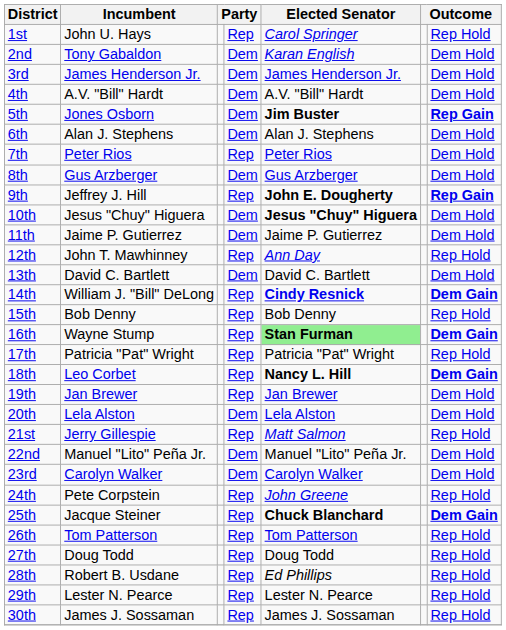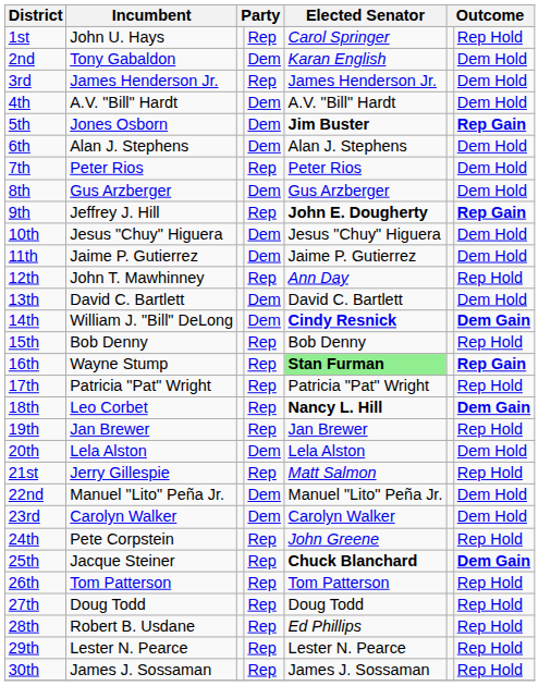 <table class="sortable wikitable" style="font-size:95%;line-height:14px;">
 <tr>
 <th>District</th>
 <th>Incumbent</th>
 <th colspan="2">Party</th>
 <th>Elected Senator</th>
 <th colspan="2">Outcome</th>
 </tr>
 <tr>
 <td><a href='#'>1st</a></td>
 <td>John U. Hays</td>
 <td style="background:"></td>
 <td><a href='#'>Rep</a></td>
 <td><em><a href='#'>Carol Springer</a></em></td>
 <td style="background:"></td>
 <td><a href='#'>Rep Hold</a></td>
 </tr>
 <tr>
 <td><a href='#'>2nd</a></td>
 <td><a href='#'>Tony Gabaldon</a></td>
 <td style="background:"></td>
 <td><a href='#'>Dem</a></td>
 <td><em><a href='#'>Karan English</a></em></td>
 <td style="background:"></td>
 <td><a href='#'>Dem Hold</a></td>
 </tr>
 <tr>
 <td><a href='#'>3rd</a></td>
 <td><a href='#'>James Henderson Jr.</a></td>
 <td style="background:"></td>
-<td><a href='#'>Dem</a></td>
+<td><a href='#'>Rep</a></td>
 <td><a href='#'>James Henderson Jr.</a></td>
 <td style="background:"></td>
 <td><a href='#'>Dem Hold</a></td>
 </tr>
 <tr>
 <td><a href='#'>4th</a></td>
 <td>A.V. "Bill" Hardt</td>
 <td style="background:"></td>
 <td><a href='#'>Dem</a></td>
 <td>A.V. "Bill" Hardt</td>
 <td style="background:"></td>
 <td><a href='#'>Dem Hold</a></td>
 </tr>
 <tr>
 <td><a href='#'>5th</a></td>
 <td><a href='#'>Jones Osborn</a></td>
 <td style="background:"></td>
 <td><a href='#'>Dem</a></td>
 <td><strong>Jim Buster</strong></td>
 <td style="background:"></td>
 <td><strong><a href='#'>Rep Gain</a></strong></td>
 </tr>
 <tr>
 <td><a href='#'>6th</a></td>
 <td>Alan J. Stephens</td>
 <td style="background:"></td>
 <td><a href='#'>Dem</a></td>
 <td>Alan J. Stephens</td>
 <td style="background:"></td>
 <td><a href='#'>Dem Hold</a></td>
 </tr>
 <tr>
 <td><a href='#'>7th</a></td>
 <td><a href='#'>Peter Rios</a></td>
 <td style="background:"></td>
 <td><a href='#'>Rep</a></td>
 <td><a href='#'>Peter Rios</a></td>
 <td style="background:"></td>
 <td><a href='#'>Dem Hold</a></td>
 </tr>
 <tr>
 <td><a href='#'>8th</a></td>
 <td><a href='#'>Gus Arzberger</a></td>
 <td style="background:"></td>
 <td><a href='#'>Dem</a></td>
 <td><a href='#'>Gus Arzberger</a></td>
 <td style="background:"></td>
 <td><a href='#'>Dem Hold</a></td>
 </tr>
 <tr>
 <td><a href='#'>9th</a></td>
 <td>Jeffrey J. Hill</td>
 <td style="background:"></td>
 <td><a href='#'>Rep</a></td>
 <td><strong>John E. Dougherty</strong></td>
 <td style="background:"></td>
 <td><strong><a href='#'>Rep Gain</a></strong></td>
 </tr>
 <tr>
 <td><a href='#'>10th</a></td>
 <td>Jesus "Chuy" Higuera</td>
 <td style="background:"></td>
 <td><a href='#'>Dem</a></td>
-<td><strong>Jesus "Chuy" Higuera</strong></td>
+<td>Jesus "Chuy" Higuera</td>
 <td style="background:"></td>
 <td><a href='#'>Dem Hold</a></td>
 </tr>
 <tr>
 <td><a href='#'>11th</a></td>
 <td>Jaime P. Gutierrez</td>
 <td style="background:"></td>
 <td><a href='#'>Dem</a></td>
 <td>Jaime P. Gutierrez</td>
 <td style="background:"></td>
 <td><a href='#'>Dem Hold</a></td>
 </tr>
 <tr>
 <td><a href='#'>12th</a></td>
 <td>John T. Mawhinney</td>
 <td style="background:"></td>
 <td><a href='#'>Rep</a></td>
 <td><em><a href='#'>Ann Day</a></em></td>
 <td style="background:"></td>
 <td><a href='#'>Rep Hold</a></td>
 </tr>
 <tr>
 <td><a href='#'>13th</a></td>
 <td>David C. Bartlett</td>
 <td style="background:"></td>
 <td><a href='#'>Dem</a></td>
 <td>David C. Bartlett</td>
 <td style="background:"></td>
 <td><a href='#'>Dem Hold</a></td>
 </tr>
 <tr>
 <td><a href='#'>14th</a></td>
 <td>William J. "Bill" DeLong</td>
 <td style="background:"></td>
-<td><a href='#'>Rep</a></td>
+<td><a href='#'>Dem</a></td>
 <td><strong><a href='#'>Cindy Resnick</a></strong></td>
 <td style="background:"></td>
 <td><strong><a href='#'>Dem Gain</a></strong></td>
 </tr>
 <tr>
 <td><a href='#'>15th</a></td>
 <td>Bob Denny</td>
 <td style="background:"></td>
 <td><a href='#'>Rep</a></td>
 <td>Bob Denny</td>
 <td style="background:"></td>
 <td><a href='#'>Rep Hold</a></td>
 </tr>
 <tr>
 <td><a href='#'>16th</a></td>
 <td>Wayne Stump</td>
 <td style="background:"></td>
 <td><a href='#'>Rep</a></td>
 <td style="background: lightgreen;"><strong>Stan Furman</strong></td>
 <td style="background:"></td>
-<td><strong><a href='#'>Dem Gain</a></strong></td>
+<td><strong><a href='#'>Rep Gain</a></strong></td>
 </tr>
 <tr>
 <td><a href='#'>17th</a></td>
 <td>Patricia "Pat" Wright</td>
 <td style="background:"></td>
 <td><a href='#'>Rep</a></td>
 <td>Patricia "Pat" Wright</td>
 <td style="background:"></td>
 <td><a href='#'>Rep Hold</a></td>
 </tr>
 <tr>
 <td><a href='#'>18th</a></td>
 <td><a href='#'>Leo Corbet</a></td>
 <td style="background:"></td>
 <td><a href='#'>Rep</a></td>
 <td><strong>Nancy L. Hill</strong></td>
 <td style="background:"></td>
 <td><strong><a href='#'>Dem Gain</a></strong></td>
 </tr>
 <tr>
 <td><a href='#'>19th</a></td>
 <td><a href='#'>Jan Brewer</a></td>
 <td style="background:"></td>
 <td><a href='#'>Rep</a></td>
 <td><a href='#'>Jan Brewer</a></td>
 <td style="background:"></td>
-<td><a href='#'>Dem Hold</a></td>
+<td><a href='#'>Rep Hold</a></td>
 </tr>
 <tr>
 <td><a href='#'>20th</a></td>
 <td><a href='#'>Lela Alston</a></td>
 <td style="background:"></td>
 <td><a href='#'>Dem</a></td>
 <td><a href='#'>Lela Alston</a></td>
 <td style="background:"></td>
 <td><a href='#'>Dem Hold</a></td>
 </tr>
 <tr>
 <td><a href='#'>21st</a></td>
 <td><a href='#'>Jerry Gillespie</a></td>
 <td style="background:"></td>
 <td><a href='#'>Rep</a></td>
 <td><em><a href='#'>Matt Salmon</a></em></td>
 <td style="background:"></td>
 <td><a href='#'>Rep Hold</a></td>
 </tr>
 <tr>
 <td><a href='#'>22nd</a></td>
 <td>Manuel "Lito" Peña Jr.</td>
 <td style="background:"></td>
 <td><a href='#'>Dem</a></td>
 <td>Manuel "Lito" Peña Jr.</td>
 <td style="background:"></td>
 <td><a href='#'>Dem Hold</a></td>
 </tr>
 <tr>
 <td><a href='#'>23rd</a></td>
 <td><a href='#'>Carolyn Walker</a></td>
 <td style="background:"></td>
 <td><a href='#'>Dem</a></td>
 <td><a href='#'>Carolyn Walker</a></td>
 <td style="background:"></td>
 <td><a href='#'>Dem Hold</a></td>
 </tr>
 <tr>
 <td><a href='#'>24th</a></td>
 <td>Pete Corpstein</td>
 <td style="background:"></td>
 <td><a href='#'>Rep</a></td>
 <td><em><a href='#'>John Greene</a></em></td>
 <td style="background:"></td>
 <td><a href='#'>Rep Hold</a></td>
 </tr>
 <tr>
 <td><a href='#'>25th</a></td>
 <td>Jacque Steiner</td>
 <td style="background:"></td>
 <td><a href='#'>Rep</a></td>
 <td><strong>Chuck Blanchard</strong></td>
 <td style="background:"></td>
 <td><strong><a href='#'>Dem Gain</a></strong></td>
 </tr>
 <tr>
 <td><a href='#'>26th</a></td>
 <td><a href='#'>Tom Patterson</a></td>
 <td style="background:"></td>
 <td><a href='#'>Rep</a></td>
 <td><a href='#'>Tom Patterson</a></td>
 <td style="background:"></td>
 <td><a href='#'>Rep Hold</a></td>
 </tr>
 <tr>
 <td><a href='#'>27th</a></td>
 <td>Doug Todd</td>
 <td style="background:"></td>
 <td><a href='#'>Rep</a></td>
 <td>Doug Todd</td>
 <td style="background:"></td>
 <td><a href='#'>Rep Hold</a></td>
 </tr>
 <tr>
 <td><a href='#'>28th</a></td>
 <td>Robert B. Usdane</td>
 <td style="background:"></td>
 <td><a href='#'>Rep</a></td>
 <td><em>Ed Phillips</em></td>
 <td style="background:"></td>
 <td><a href='#'>Rep Hold</a></td>
 </tr>
 <tr>
 <td><a href='#'>29th</a></td>
 <td>Lester N. Pearce</td>
 <td style="background:"></td>
 <td><a href='#'>Rep</a></td>
 <td>Lester N. Pearce</td>
 <td style="background:"></td>
 <td><a href='#'>Rep Hold</a></td>
 </tr>
 <tr>
 <td><a href='#'>30th</a></td>
 <td>James J. Sossaman</td>
 <td style="background:"></td>
 <td><a href='#'>Rep</a></td>
 <td>James J. Sossaman</td>
 <td style="background:"></td>
 <td><a href='#'>Rep Hold</a></td>
 </tr>
 <tr>
 </tr>
 </table>
